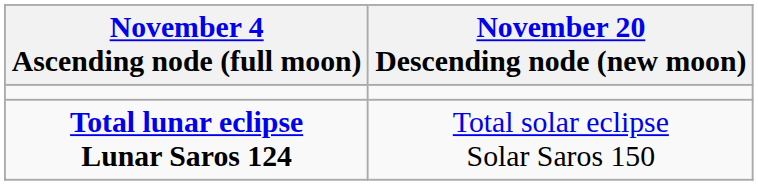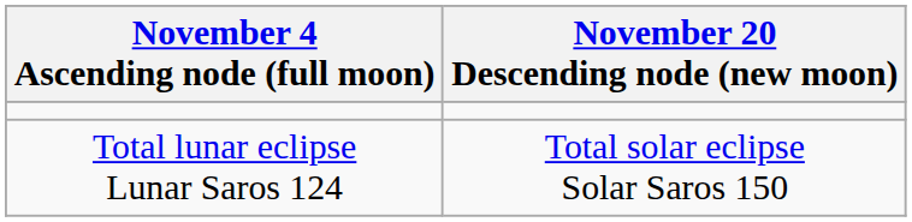 <table class="wikitable">
 <tr>
 <th><a href='#'>November 4</a><br>Ascending node (full moon)<br></th>
 <th><a href='#'>November 20</a><br>Descending node (new moon)<br></th>
 </tr>
 <tr>
 <td></td>
 <td></td>
 </tr>
 <tr align=center>
-<td><strong><a href='#'>Total lunar eclipse</a><br>Lunar Saros 124</strong></td>
+<td><a href='#'>Total lunar eclipse</a><br>Lunar Saros 124</td>
 <td><a href='#'>Total solar eclipse</a><br>Solar Saros 150</td>
 </tr>
 </table>
